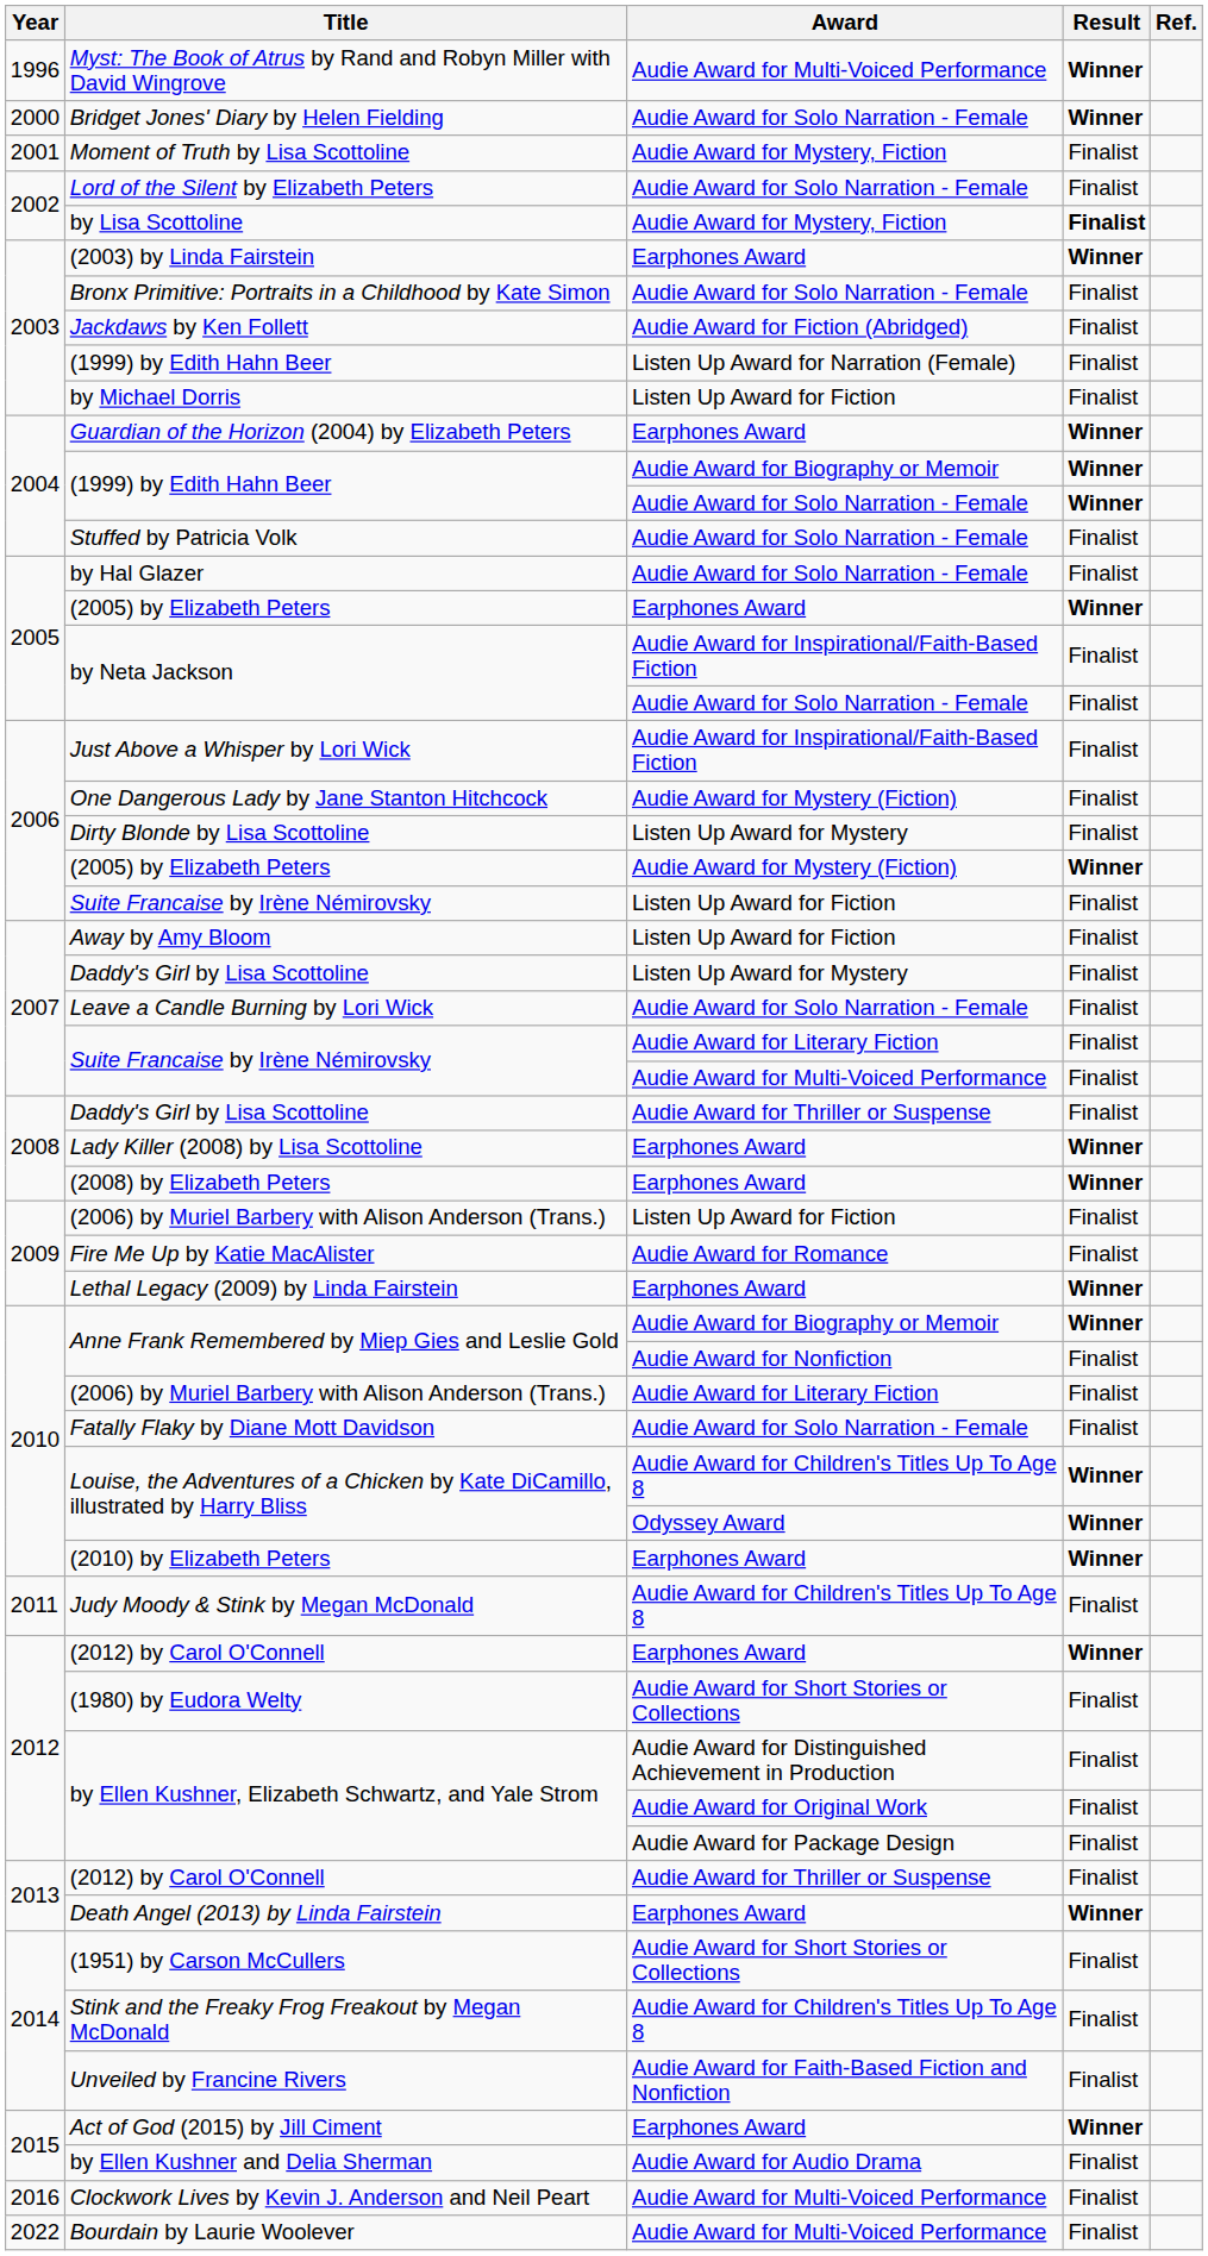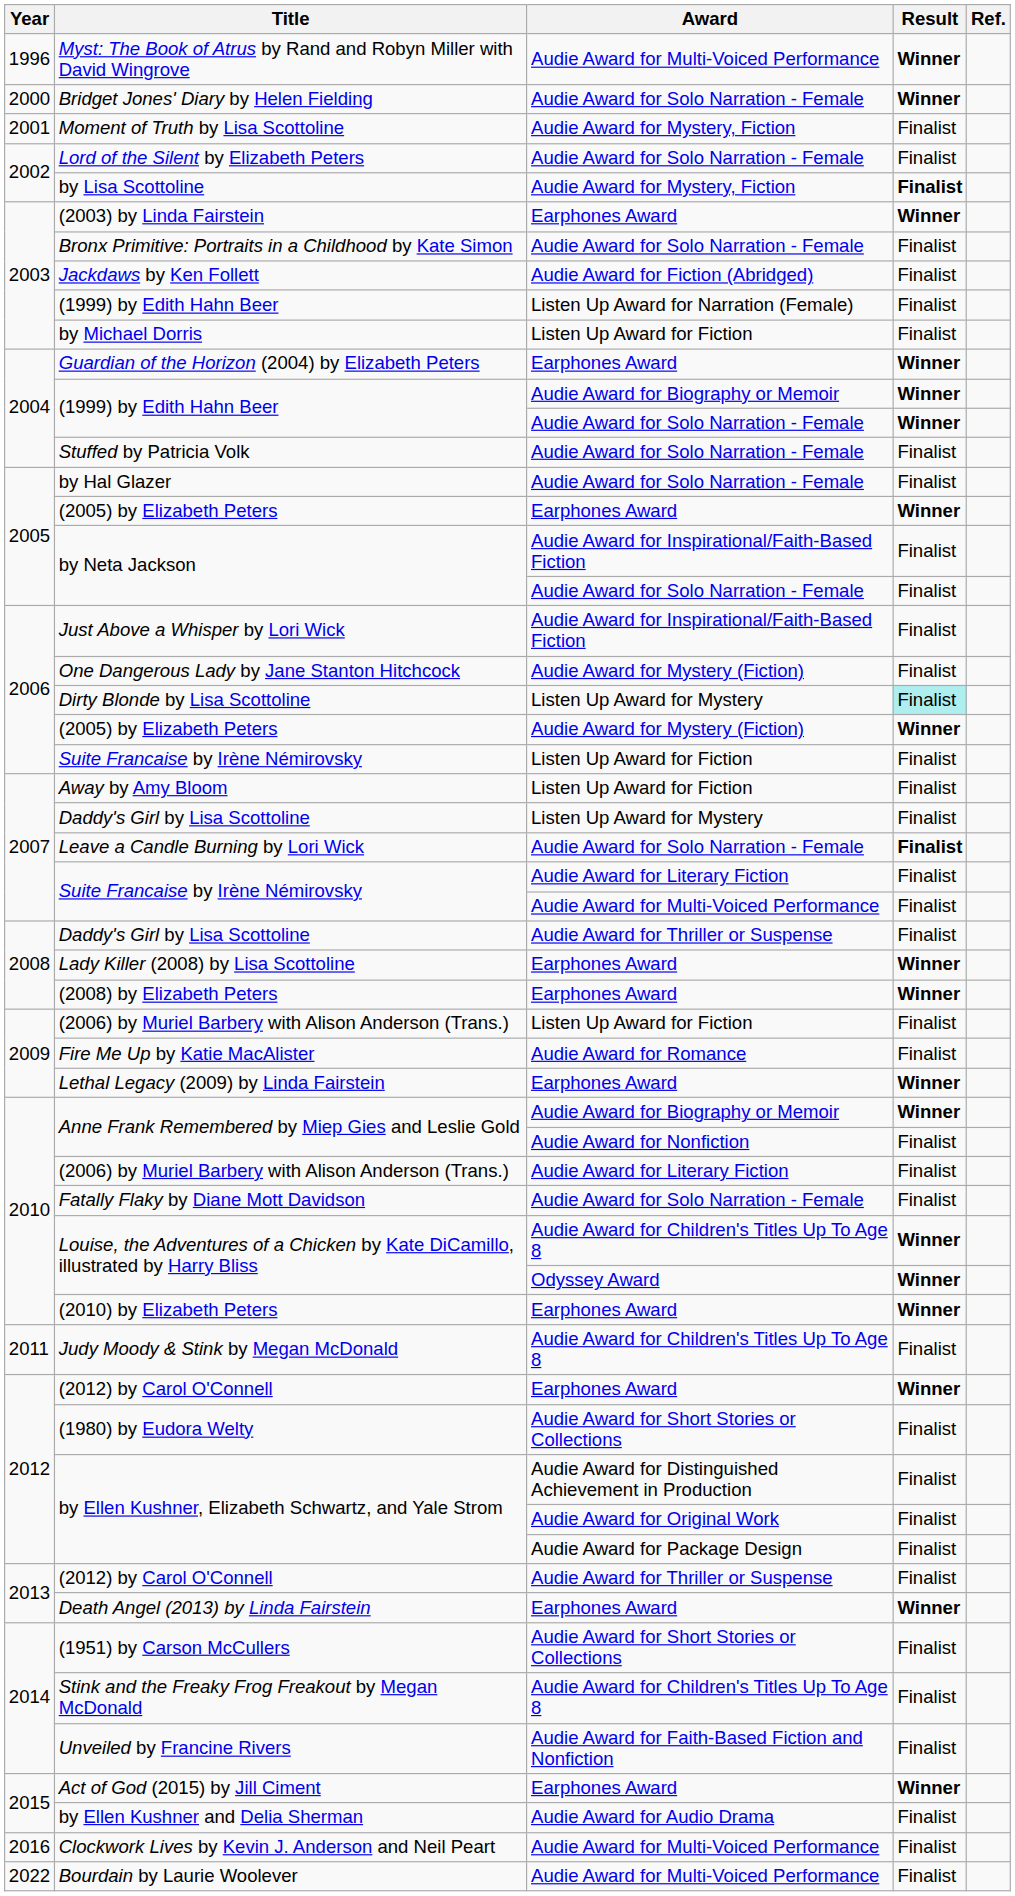 <table class="wikitable sortable mw-collapsible">
 <tr>
 <th>Year</th>
 <th>Title</th>
 <th>Award</th>
 <th>Result</th>
 <th>Ref.</th>
 </tr>
 <tr>
 <td>1996</td>
 <td><em><a href='#'>Myst: The Book of Atrus</a></em> by Rand and Robyn Miller with <a href='#'>David Wingrove</a></td>
 <td><a href='#'>Audie Award for Multi-Voiced Performance</a></td>
 <td><strong>Winner</strong></td>
 <td></td>
 </tr>
 <tr>
 <td>2000</td>
 <td><em>Bridget Jones' Diary</em> by <a href='#'>Helen Fielding</a></td>
 <td><a href='#'>Audie Award for Solo Narration - Female</a></td>
 <td><strong>Winner</strong></td>
 <td></td>
 </tr>
 <tr>
 <td>2001</td>
 <td><em>Moment of Truth</em> by <a href='#'>Lisa Scottoline</a></td>
 <td><a href='#'>Audie Award for Mystery, Fiction</a></td>
 <td>Finalist</td>
 <td></td>
 </tr>
 <tr>
 <td rowspan="2">2002</td>
 <td><em><a href='#'>Lord of the Silent</a></em> by <a href='#'>Elizabeth Peters</a></td>
 <td><a href='#'>Audie Award for Solo Narration - Female</a></td>
 <td>Finalist</td>
 <td></td>
 </tr>
 <tr>
 <td><em></em> by <a href='#'>Lisa Scottoline</a></td>
 <td><a href='#'>Audie Award for Mystery, Fiction</a></td>
 <td><strong>Finalist</strong></td>
 <td></td>
 </tr>
 <tr>
 <td rowspan="5">2003</td>
 <td><em></em> (2003) by <a href='#'>Linda Fairstein</a></td>
 <td><a href='#'>Earphones Award</a></td>
 <td><strong>Winner</strong></td>
 <td></td>
 </tr>
 <tr>
 <td><em>Bronx Primitive: Portraits in a Childhood</em> by <a href='#'>Kate Simon</a></td>
 <td><a href='#'>Audie Award for Solo Narration - Female</a></td>
 <td>Finalist</td>
 <td></td>
 </tr>
 <tr>
 <td><a href='#'><em>Jackdaws</em></a> by <a href='#'>Ken Follett</a></td>
 <td><a href='#'>Audie Award for Fiction (Abridged)</a></td>
 <td>Finalist</td>
 <td></td>
 </tr>
 <tr>
 <td><em></em> (1999) by <a href='#'>Edith Hahn Beer</a></td>
 <td>Listen Up Award for Narration (Female)</td>
 <td>Finalist</td>
 <td></td>
 </tr>
 <tr>
 <td><em></em> by <a href='#'>Michael Dorris</a></td>
 <td>Listen Up Award for Fiction</td>
 <td>Finalist</td>
 <td></td>
 </tr>
 <tr>
 <td rowspan="4">2004</td>
 <td><em><a href='#'>Guardian of the Horizon</a> </em>(2004) by <a href='#'>Elizabeth Peters</a></td>
 <td><a href='#'>Earphones Award</a></td>
 <td><strong>Winner</strong></td>
 <td></td>
 </tr>
 <tr>
 <td rowspan="2"><em></em> (1999) by <a href='#'>Edith Hahn Beer</a></td>
 <td><a href='#'>Audie Award for Biography or Memoir</a></td>
 <td><strong>Winner</strong></td>
 <td></td>
 </tr>
 <tr>
 <td><a href='#'>Audie Award for Solo Narration - Female</a></td>
 <td><strong>Winner</strong></td>
 <td></td>
 </tr>
 <tr>
 <td><em>Stuffed</em> by Patricia Volk</td>
 <td><a href='#'>Audie Award for Solo Narration - Female</a></td>
 <td>Finalist</td>
 <td></td>
 </tr>
 <tr>
 <td rowspan="4">2005</td>
 <td><em></em> by Hal Glazer</td>
 <td><a href='#'>Audie Award for Solo Narration - Female</a></td>
 <td>Finalist</td>
 <td></td>
 </tr>
 <tr>
 <td><em></em> (2005) by <a href='#'>Elizabeth Peters</a></td>
 <td><a href='#'>Earphones Award</a></td>
 <td><strong>Winner</strong></td>
 <td></td>
 </tr>
 <tr>
 <td rowspan="2"><em></em> by Neta Jackson</td>
 <td><a href='#'>Audie Award for Inspirational/Faith-Based Fiction</a></td>
 <td>Finalist</td>
 <td></td>
 </tr>
 <tr>
 <td><a href='#'>Audie Award for Solo Narration - Female</a></td>
 <td>Finalist</td>
 <td></td>
 </tr>
 <tr>
 <td rowspan="5">2006</td>
 <td><em>Just Above a Whisper</em> by <a href='#'>Lori Wick</a></td>
 <td><a href='#'>Audie Award for Inspirational/Faith-Based Fiction</a></td>
 <td>Finalist</td>
 <td></td>
 </tr>
 <tr>
 <td><em>One Dangerous Lady</em> by <a href='#'>Jane Stanton Hitchcock</a></td>
 <td><a href='#'>Audie Award for Mystery (Fiction)</a></td>
 <td>Finalist</td>
 <td></td>
 </tr>
 <tr>
 <td><em>Dirty Blonde</em> by <a href='#'>Lisa Scottoline</a></td>
 <td>Listen Up Award for Mystery</td>
-<td>Finalist</td>
+<td style="background: paleturquoise;">Finalist</td>
 <td></td>
 </tr>
 <tr>
 <td><em></em> (2005) by <a href='#'>Elizabeth Peters</a></td>
 <td><a href='#'>Audie Award for Mystery (Fiction)</a></td>
 <td><strong>Winner</strong></td>
 <td></td>
 </tr>
 <tr>
 <td><em><a href='#'>Suite Francaise</a></em> by <a href='#'>Irène Némirovsky</a></td>
 <td>Listen Up Award for Fiction</td>
 <td>Finalist</td>
 <td></td>
 </tr>
 <tr>
 <td rowspan="5">2007</td>
 <td><em>Away</em> by <a href='#'>Amy Bloom</a></td>
 <td>Listen Up Award for Fiction</td>
 <td>Finalist</td>
 <td></td>
 </tr>
 <tr>
 <td><em>Daddy's Girl</em> by <a href='#'>Lisa Scottoline</a></td>
 <td>Listen Up Award for Mystery</td>
 <td>Finalist</td>
 <td></td>
 </tr>
 <tr>
 <td><em>Leave a Candle Burning</em> by <a href='#'>Lori Wick</a></td>
 <td><a href='#'>Audie Award for Solo Narration - Female</a></td>
-<td>Finalist</td>
+<td><strong>Finalist</strong></td>
 <td></td>
 </tr>
 <tr>
 <td rowspan="2"><em><a href='#'>Suite Francaise</a></em> by <a href='#'>Irène Némirovsky</a></td>
 <td><a href='#'>Audie Award for Literary Fiction</a></td>
 <td>Finalist</td>
 <td></td>
 </tr>
 <tr>
 <td><a href='#'>Audie Award for Multi-Voiced Performance</a></td>
 <td>Finalist</td>
 <td></td>
 </tr>
 <tr>
 <td rowspan="3">2008</td>
 <td><em>Daddy's Girl</em> by <a href='#'>Lisa Scottoline</a></td>
 <td><a href='#'>Audie Award for Thriller or Suspense</a></td>
 <td>Finalist</td>
 <td></td>
 </tr>
 <tr>
 <td><em>Lady Killer </em>(2008) by <a href='#'>Lisa Scottoline</a></td>
 <td><a href='#'>Earphones Award</a></td>
 <td><strong>Winner</strong></td>
 <td></td>
 </tr>
 <tr>
 <td><em></em>(2008) by <a href='#'>Elizabeth Peters</a></td>
 <td><a href='#'>Earphones Award</a></td>
 <td><strong>Winner</strong></td>
 <td></td>
 </tr>
 <tr>
 <td rowspan="3">2009</td>
 <td><em></em> (2006) by <a href='#'>Muriel Barbery</a> with Alison Anderson (Trans.)</td>
 <td>Listen Up Award for Fiction</td>
 <td>Finalist</td>
 <td></td>
 </tr>
 <tr>
 <td><em>Fire Me Up</em> by <a href='#'>Katie MacAlister</a></td>
 <td><a href='#'>Audie Award for Romance</a></td>
 <td>Finalist</td>
 <td></td>
 </tr>
 <tr>
 <td><em>Lethal Legacy </em>(2009) by <a href='#'>Linda Fairstein</a></td>
 <td><a href='#'>Earphones Award</a></td>
 <td><strong>Winner</strong></td>
 <td></td>
 </tr>
 <tr>
 <td rowspan="7">2010</td>
 <td rowspan="2"><em>Anne Frank Remembered</em> by <a href='#'>Miep Gies</a> and Leslie Gold</td>
 <td><a href='#'>Audie Award for Biography or Memoir</a></td>
 <td><strong>Winner</strong></td>
 <td></td>
 </tr>
 <tr>
 <td><a href='#'>Audie Award for Nonfiction</a></td>
 <td>Finalist</td>
 <td></td>
 </tr>
 <tr>
 <td><em></em> (2006) by <a href='#'>Muriel Barbery</a> with Alison Anderson (Trans.)</td>
 <td><a href='#'>Audie Award for Literary Fiction</a></td>
 <td>Finalist</td>
 <td></td>
 </tr>
 <tr>
 <td><em>Fatally Flaky</em> by <a href='#'>Diane Mott Davidson</a></td>
 <td><a href='#'>Audie Award for Solo Narration - Female</a></td>
 <td>Finalist</td>
 <td></td>
 </tr>
 <tr>
 <td rowspan="2"><em>Louise, the Adventures of a Chicken</em> by <a href='#'>Kate DiCamillo</a>, illustrated by <a href='#'>Harry Bliss</a></td>
 <td><a href='#'>Audie Award for Children's Titles Up To Age 8</a></td>
 <td><strong>Winner</strong></td>
 <td></td>
 </tr>
 <tr>
 <td><a href='#'>Odyssey Award</a></td>
 <td><strong>Winner</strong></td>
 <td></td>
 </tr>
 <tr>
 <td><em></em> (2010) by <a href='#'>Elizabeth Peters</a></td>
 <td><a href='#'>Earphones Award</a></td>
 <td><strong>Winner</strong></td>
 <td></td>
 </tr>
 <tr>
 <td>2011</td>
 <td><em>Judy Moody & Stink</em> by <a href='#'>Megan McDonald</a></td>
 <td><a href='#'>Audie Award for Children's Titles Up To Age 8</a></td>
 <td>Finalist</td>
 <td></td>
 </tr>
 <tr>
 <td rowspan="5">2012</td>
 <td><em></em> (2012) by <a href='#'>Carol O'Connell</a></td>
 <td><a href='#'>Earphones Award</a></td>
 <td><strong>Winner</strong></td>
 <td></td>
 </tr>
 <tr>
 <td><em></em> (1980) by <a href='#'>Eudora Welty</a></td>
 <td><a href='#'>Audie Award for Short Stories or Collections</a></td>
 <td>Finalist</td>
 <td></td>
 </tr>
 <tr>
 <td rowspan="3"><em></em> by <a href='#'>Ellen Kushner</a>, Elizabeth Schwartz, and Yale Strom</td>
 <td>Audie Award for Distinguished Achievement in Production</td>
 <td>Finalist</td>
 <td></td>
 </tr>
 <tr>
 <td><a href='#'>Audie Award for Original Work</a></td>
 <td>Finalist</td>
 <td></td>
 </tr>
 <tr>
 <td>Audie Award for Package Design</td>
 <td>Finalist</td>
 <td></td>
 </tr>
 <tr>
 <td rowspan="2">2013</td>
 <td><em></em> (2012) by <a href='#'>Carol O'Connell</a></td>
 <td><a href='#'>Audie Award for Thriller or Suspense</a></td>
 <td>Finalist</td>
 <td></td>
 </tr>
 <tr>
 <td><em>Death Angel</em> <em>(2013) by <a href='#'>Linda Fairstein</a></em></td>
 <td><a href='#'>Earphones Award</a></td>
 <td><strong>Winner</strong></td>
 <td></td>
 </tr>
 <tr>
 <td rowspan="3">2014</td>
 <td><em></em> (1951) by <a href='#'>Carson McCullers</a></td>
 <td><a href='#'>Audie Award for Short Stories or Collections</a></td>
 <td>Finalist</td>
 <td></td>
 </tr>
 <tr>
 <td><em>Stink and the Freaky Frog Freakout</em> by <a href='#'>Megan McDonald</a></td>
 <td><a href='#'>Audie Award for Children's Titles Up To Age 8</a></td>
 <td>Finalist</td>
 <td></td>
 </tr>
 <tr>
 <td><em>Unveiled</em> by <a href='#'>Francine Rivers</a></td>
 <td><a href='#'>Audie Award for Faith-Based Fiction and Nonfiction</a></td>
 <td>Finalist</td>
 <td></td>
 </tr>
 <tr>
 <td rowspan="2">2015</td>
 <td><em>Act of God</em> (2015) by <a href='#'>Jill Ciment</a></td>
 <td><a href='#'>Earphones Award</a></td>
 <td><strong>Winner</strong></td>
 <td></td>
 </tr>
 <tr>
 <td><em></em> by <a href='#'>Ellen Kushner</a> and <a href='#'>Delia Sherman</a></td>
 <td><a href='#'>Audie Award for Audio Drama</a></td>
 <td>Finalist</td>
 <td></td>
 </tr>
 <tr>
 <td>2016</td>
 <td><em>Clockwork Lives</em> by <a href='#'>Kevin J. Anderson</a> and Neil Peart</td>
 <td><a href='#'>Audie Award for Multi-Voiced Performance</a></td>
 <td>Finalist</td>
 <td></td>
 </tr>
 <tr>
 <td>2022</td>
 <td><em>Bourdain</em> by Laurie Woolever</td>
 <td><a href='#'>Audie Award for Multi-Voiced Performance</a></td>
 <td>Finalist</td>
 <td></td>
 </tr>
 </table>
